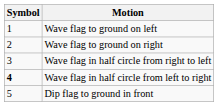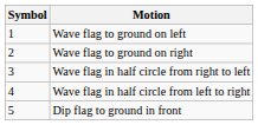 <table class="wikitable">
 <tr>
 <th>Symbol</th>
 <th>Motion</th>
 </tr>
 <tr>
 <td>1</td>
 <td>Wave flag to ground on left</td>
 </tr>
 <tr>
 <td>2</td>
 <td>Wave flag to ground on right</td>
 </tr>
 <tr>
 <td>3</td>
 <td>Wave flag in half circle from right to left</td>
 </tr>
 <tr>
-<td><strong>4</strong></td>
+<td>4</td>
 <td>Wave flag in half circle from left to right</td>
 </tr>
 <tr>
 <td>5</td>
 <td>Dip flag to ground in front</td>
 </tr>
 </table>
